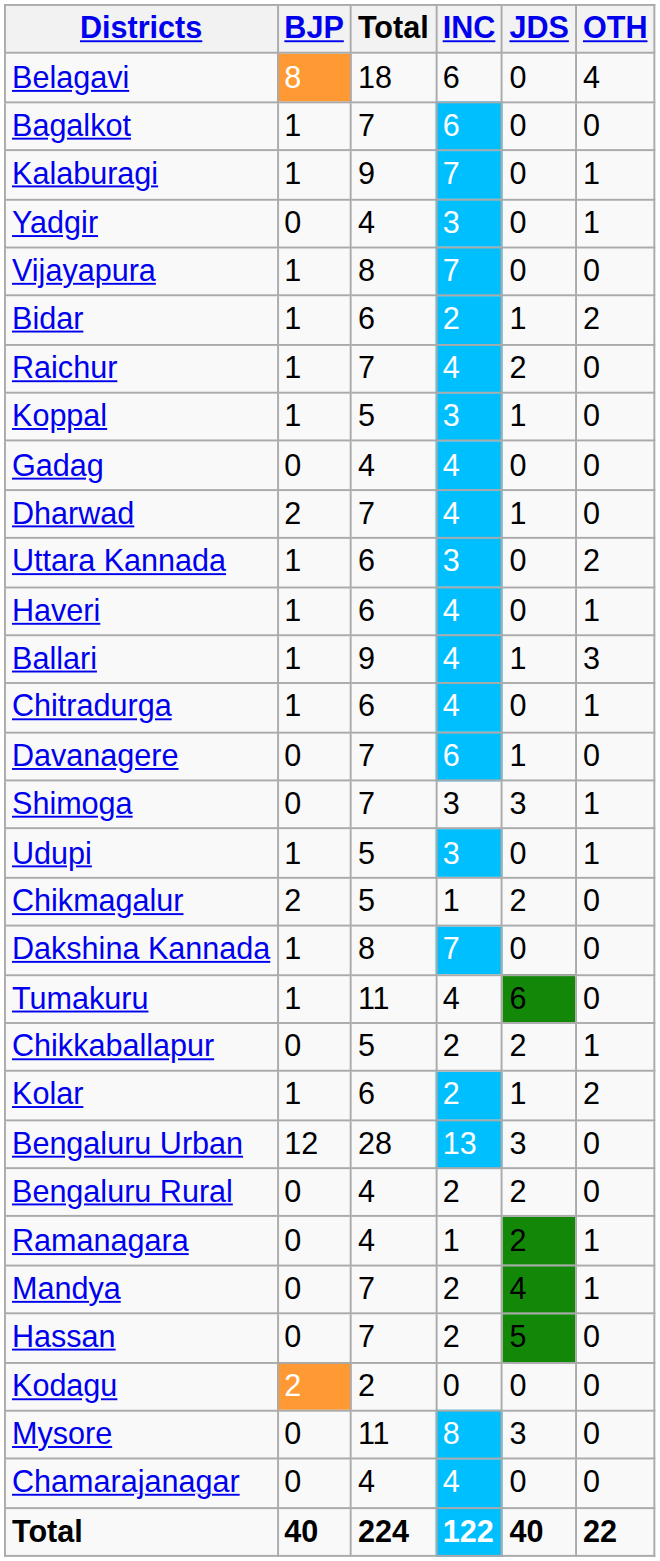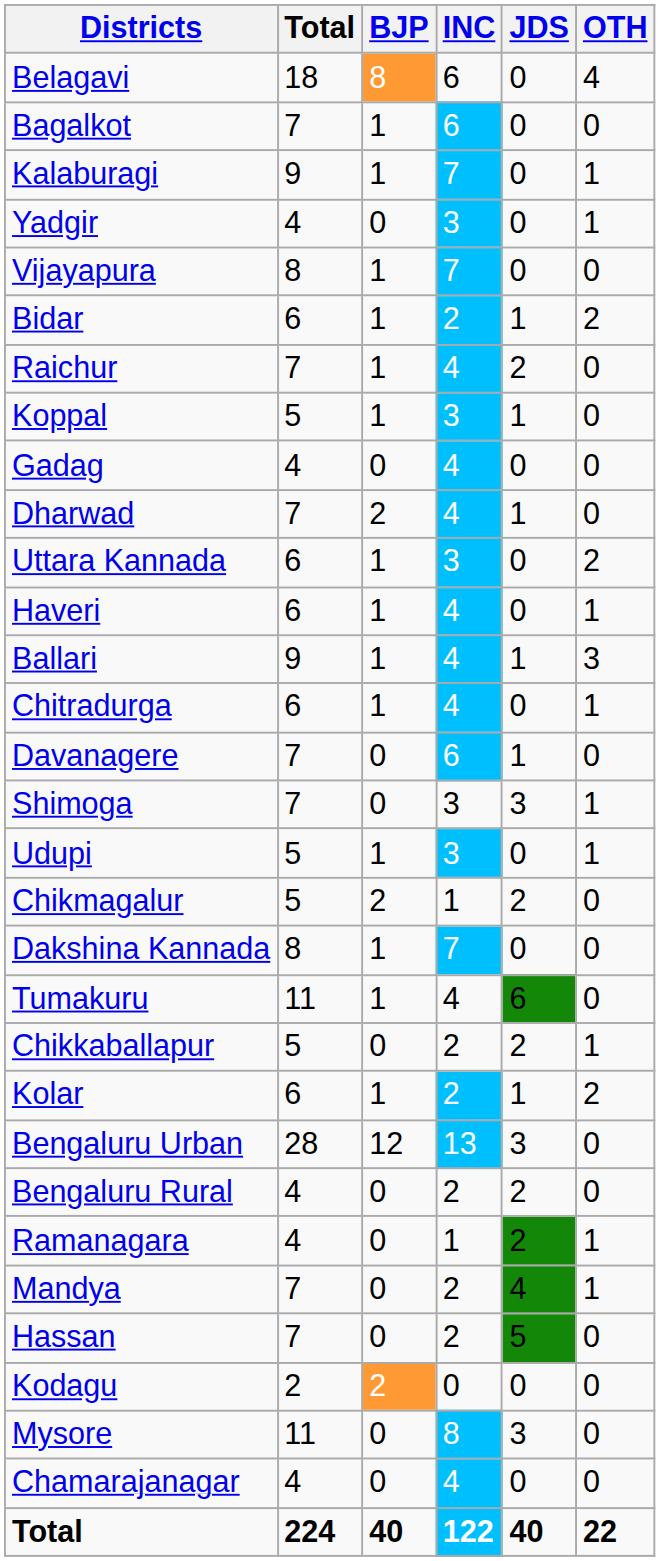 <table class="wikitable">
 <tr>
 <th><a href='#'>Districts</a></th>
+<th>Total</th>
 <th><a href='#'>BJP</a></th>
-<th>Total</th>
 <th><a href='#'>INC</a></th>
 <th><a href='#'>JDS</a></th>
 <th><a href='#'>OTH</a></th>
 </tr>
 <tr>
 <td><a href='#'>Belagavi</a></td>
+<td>18</td>
 <td style="background:#FF9933; color:white">8</td>
-<td>18</td>
 <td>6</td>
 <td>0</td>
 <td>4</td>
 </tr>
 <tr>
 <td><a href='#'>Bagalkot</a></td>
+<td>7</td>
 <td>1</td>
-<td>7</td>
 <td style="background:#00BFFF; color:white">6</td>
 <td>0</td>
 <td>0</td>
 </tr>
 <tr>
 <td><a href='#'>Kalaburagi</a></td>
+<td>9</td>
 <td>1</td>
-<td>9</td>
 <td style="background:#00BFFF; color:white">7</td>
 <td>0</td>
 <td>1</td>
 </tr>
 <tr>
 <td><a href='#'>Yadgir</a></td>
+<td>4</td>
 <td>0</td>
-<td>4</td>
 <td style="background:#00BFFF; color:white">3</td>
 <td>0</td>
 <td>1</td>
 </tr>
 <tr>
 <td><a href='#'>Vijayapura</a></td>
+<td>8</td>
 <td>1</td>
-<td>8</td>
 <td style="background:#00BFFF; color:white">7</td>
 <td>0</td>
 <td>0</td>
 </tr>
 <tr>
 <td><a href='#'>Bidar</a></td>
+<td>6</td>
 <td>1</td>
-<td>6</td>
 <td style="background:#00BFFF; color:white">2</td>
 <td>1</td>
 <td>2</td>
 </tr>
 <tr>
 <td><a href='#'>Raichur</a></td>
+<td>7</td>
 <td>1</td>
-<td>7</td>
 <td style="background:#00BFFF; color:white">4</td>
 <td>2</td>
 <td>0</td>
 </tr>
 <tr>
 <td><a href='#'>Koppal</a></td>
+<td>5</td>
 <td>1</td>
-<td>5</td>
 <td style="background:#00BFFF; color:white">3</td>
 <td>1</td>
 <td>0</td>
 </tr>
 <tr>
 <td><a href='#'>Gadag</a></td>
+<td>4</td>
 <td>0</td>
-<td>4</td>
 <td style="background:#00BFFF; color:white">4</td>
 <td>0</td>
 <td>0</td>
 </tr>
 <tr>
 <td><a href='#'>Dharwad</a></td>
+<td>7</td>
 <td>2</td>
-<td>7</td>
 <td style="background:#00BFFF; color:white">4</td>
 <td>1</td>
 <td>0</td>
 </tr>
 <tr>
 <td><a href='#'>Uttara Kannada</a></td>
+<td>6</td>
 <td>1</td>
-<td>6</td>
 <td style="background:#00BFFF; color:white">3</td>
 <td>0</td>
 <td>2</td>
 </tr>
 <tr>
 <td><a href='#'>Haveri</a></td>
+<td>6</td>
 <td>1</td>
-<td>6</td>
 <td style="background:#00BFFF; color:white">4</td>
 <td>0</td>
 <td>1</td>
 </tr>
 <tr>
 <td><a href='#'>Ballari</a></td>
+<td>9</td>
 <td>1</td>
-<td>9</td>
 <td style="background:#00BFFF; color:white">4</td>
 <td>1</td>
 <td>3</td>
 </tr>
 <tr>
 <td><a href='#'>Chitradurga</a></td>
+<td>6</td>
 <td>1</td>
-<td>6</td>
 <td style="background:#00BFFF; color:white">4</td>
 <td>0</td>
 <td>1</td>
 </tr>
 <tr>
 <td><a href='#'>Davanagere</a></td>
+<td>7</td>
 <td>0</td>
-<td>7</td>
 <td style="background:#00BFFF; color:white">6</td>
 <td>1</td>
 <td>0</td>
 </tr>
 <tr>
 <td><a href='#'>Shimoga</a></td>
+<td>7</td>
 <td>0</td>
-<td>7</td>
 <td>3</td>
 <td>3</td>
 <td>1</td>
 </tr>
 <tr>
 <td><a href='#'>Udupi</a></td>
+<td>5</td>
 <td>1</td>
-<td>5</td>
 <td style="background:#00BFFF; color:white">3</td>
 <td>0</td>
 <td>1</td>
 </tr>
 <tr>
 <td><a href='#'>Chikmagalur</a></td>
+<td>5</td>
 <td>2</td>
-<td>5</td>
 <td>1</td>
 <td>2</td>
 <td>0</td>
 </tr>
 <tr>
 <td><a href='#'>Dakshina Kannada</a></td>
+<td>8</td>
 <td>1</td>
-<td>8</td>
 <td style="background:#00BFFF; color:white">7</td>
 <td>0</td>
 <td>0</td>
 </tr>
 <tr>
 <td><a href='#'>Tumakuru</a></td>
+<td>11</td>
 <td>1</td>
-<td>11</td>
 <td>4</td>
 <td style="background:#138808; color:white”">6</td>
 <td>0</td>
 </tr>
 <tr>
 <td><a href='#'>Chikkaballapur</a></td>
+<td>5</td>
 <td>0</td>
-<td>5</td>
 <td>2</td>
 <td>2</td>
 <td>1</td>
 </tr>
 <tr>
 <td><a href='#'>Kolar</a></td>
+<td>6</td>
 <td>1</td>
-<td>6</td>
 <td style="background:#00BFFF; color:white">2</td>
 <td>1</td>
 <td>2</td>
 </tr>
 <tr>
 <td><a href='#'>Bengaluru Urban</a></td>
+<td>28</td>
 <td>12</td>
-<td>28</td>
 <td style="background:#00BFFF; color:white">13</td>
 <td>3</td>
 <td>0</td>
 </tr>
 <tr>
 <td><a href='#'>Bengaluru Rural</a></td>
+<td>4</td>
 <td>0</td>
-<td>4</td>
 <td>2</td>
 <td>2</td>
 <td>0</td>
 </tr>
 <tr>
 <td><a href='#'>Ramanagara</a></td>
+<td>4</td>
 <td>0</td>
-<td>4</td>
 <td>1</td>
 <td style="background:#138808; color:white”">2</td>
 <td>1</td>
 </tr>
 <tr>
 <td><a href='#'>Mandya</a></td>
+<td>7</td>
 <td>0</td>
-<td>7</td>
 <td>2</td>
 <td style="background:#138808; color:white”">4</td>
 <td>1</td>
 </tr>
 <tr>
 <td><a href='#'>Hassan</a></td>
+<td>7</td>
 <td>0</td>
-<td>7</td>
 <td>2</td>
 <td style="background:#138808; color:white”">5</td>
 <td>0</td>
 </tr>
 <tr>
 <td><a href='#'>Kodagu</a></td>
+<td>2</td>
 <td style="background:#FF9933; color:white">2</td>
-<td>2</td>
 <td>0</td>
 <td>0</td>
 <td>0</td>
 </tr>
 <tr>
 <td><a href='#'>Mysore</a></td>
+<td>11</td>
 <td>0</td>
-<td>11</td>
 <td style="background:#00BFFF; color:white">8</td>
 <td>3</td>
 <td>0</td>
 </tr>
 <tr>
 <td><a href='#'>Chamarajanagar</a></td>
+<td>4</td>
 <td>0</td>
-<td>4</td>
 <td style="background:#00BFFF; color:white">4</td>
 <td>0</td>
 <td>0</td>
 </tr>
 <tr>
 <td><strong>Total</strong></td>
+<td><strong>224</strong></td>
 <td><strong>40</strong></td>
-<td><strong>224</strong></td>
 <td style="background:#00BFFF; color:white"><strong>122</strong></td>
 <td><strong>40</strong></td>
 <td><strong>22</strong></td>
 </tr>
 </table>
